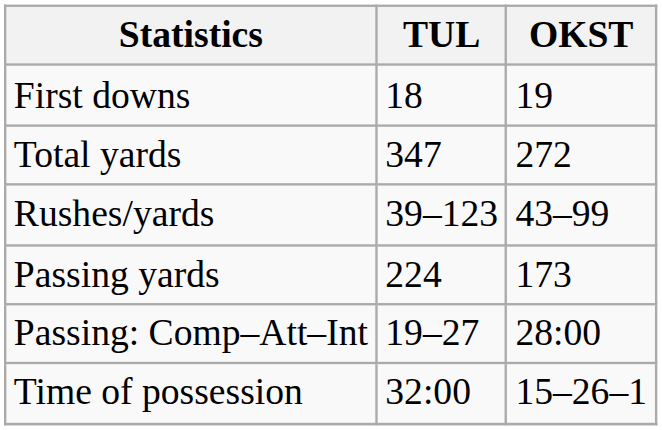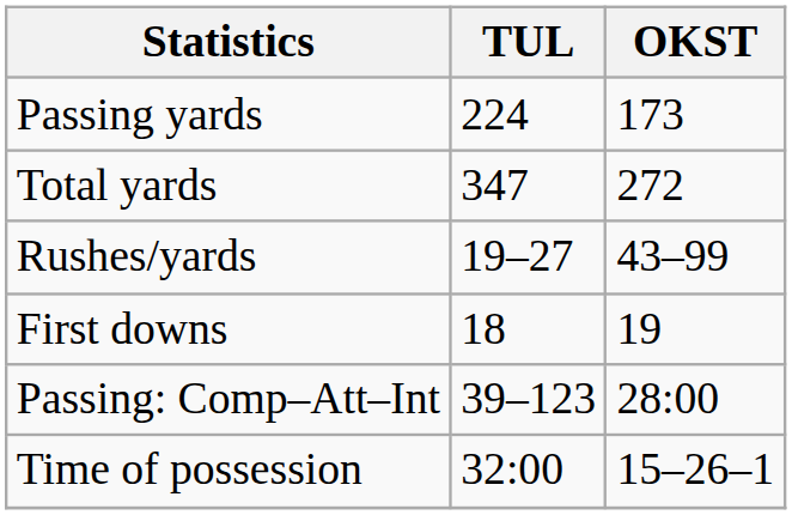 <table class="wikitable" style="float: left;">
 <tr>
 <th>Statistics</th>
 <th>TUL</th>
 <th>OKST</th>
 </tr>
 <tr>
-<td>First downs</td>
-<td>18</td>
-<td>19</td>
+<td>Passing yards</td>
+<td>224</td>
+<td>173</td>
 </tr>
 <tr>
 <td>Total yards</td>
 <td>347</td>
 <td>272</td>
 </tr>
 <tr>
 <td>Rushes/yards</td>
-<td>39–123</td>
+<td>19–27</td>
 <td>43–99</td>
 </tr>
 <tr>
-<td>Passing yards</td>
-<td>224</td>
-<td>173</td>
+<td>First downs</td>
+<td>18</td>
+<td>19</td>
 </tr>
 <tr>
 <td>Passing: Comp–Att–Int</td>
-<td>19–27</td>
+<td>39–123</td>
 <td>28:00</td>
 </tr>
 <tr>
 <td>Time of possession</td>
 <td>32:00</td>
 <td>15–26–1</td>
 </tr>
 <tr>
 </tr>
 </table>
